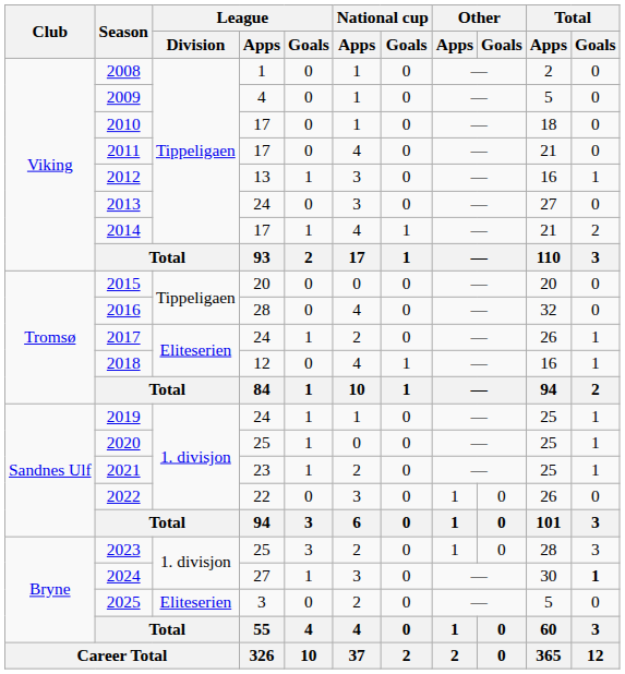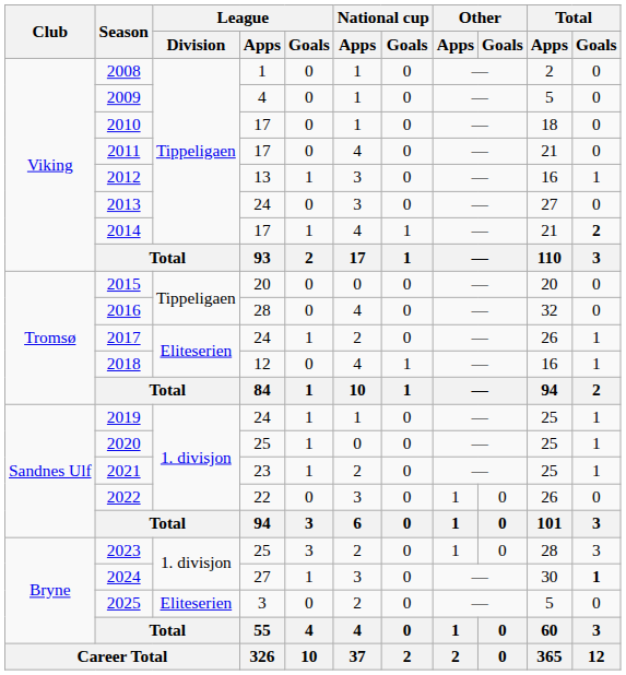 <table class="wikitable" style="text-align: center;">
 <tr>
 <th rowspan="2">Club</th>
 <th rowspan="2">Season</th>
 <th colspan="3">League</th>
 <th colspan="2">National cup</th>
 <th colspan="2">Other</th>
 <th colspan="2">Total</th>
 </tr>
 <tr>
 <th>Division</th>
 <th>Apps</th>
 <th>Goals</th>
 <th>Apps</th>
 <th>Goals</th>
 <th>Apps</th>
 <th>Goals</th>
 <th>Apps</th>
 <th>Goals</th>
 </tr>
 <tr>
 <td rowspan="8"><a href='#'>Viking</a></td>
 <td><a href='#'>2008</a></td>
 <td rowspan="7"><a href='#'>Tippeligaen</a></td>
 <td>1</td>
 <td>0</td>
 <td>1</td>
 <td>0</td>
 <td colspan="2">—</td>
 <td>2</td>
 <td>0</td>
 </tr>
 <tr>
 <td><a href='#'>2009</a></td>
 <td>4</td>
 <td>0</td>
 <td>1</td>
 <td>0</td>
 <td colspan="2">—</td>
 <td>5</td>
 <td>0</td>
 </tr>
 <tr>
 <td><a href='#'>2010</a></td>
 <td>17</td>
 <td>0</td>
 <td>1</td>
 <td>0</td>
 <td colspan="2">—</td>
 <td>18</td>
 <td>0</td>
 </tr>
 <tr>
 <td><a href='#'>2011</a></td>
 <td>17</td>
 <td>0</td>
 <td>4</td>
 <td>0</td>
 <td colspan="2">—</td>
 <td>21</td>
 <td>0</td>
 </tr>
 <tr>
 <td><a href='#'>2012</a></td>
 <td>13</td>
 <td>1</td>
 <td>3</td>
 <td>0</td>
 <td colspan="2">—</td>
 <td>16</td>
 <td>1</td>
 </tr>
 <tr>
 <td><a href='#'>2013</a></td>
 <td>24</td>
 <td>0</td>
 <td>3</td>
 <td>0</td>
 <td colspan="2">—</td>
 <td>27</td>
 <td>0</td>
 </tr>
 <tr>
 <td><a href='#'>2014</a></td>
 <td>17</td>
 <td>1</td>
 <td>4</td>
 <td>1</td>
 <td colspan="2">—</td>
 <td>21</td>
-<td>2</td>
+<td><strong>2</strong></td>
 </tr>
 <tr>
 <th colspan="2">Total</th>
 <th>93</th>
 <th>2</th>
 <th>17</th>
 <th>1</th>
 <th colspan="2">—</th>
 <th>110</th>
 <th>3</th>
 </tr>
 <tr>
 <td rowspan="5"><a href='#'>Tromsø</a></td>
 <td><a href='#'>2015</a></td>
 <td rowspan="2">Tippeligaen</td>
 <td>20</td>
 <td>0</td>
 <td>0</td>
 <td>0</td>
 <td colspan="2">—</td>
 <td>20</td>
 <td>0</td>
 </tr>
 <tr>
 <td><a href='#'>2016</a></td>
 <td>28</td>
 <td>0</td>
 <td>4</td>
 <td>0</td>
 <td colspan="2">—</td>
 <td>32</td>
 <td>0</td>
 </tr>
 <tr>
 <td><a href='#'>2017</a></td>
 <td rowspan="2"><a href='#'>Eliteserien</a></td>
 <td>24</td>
 <td>1</td>
 <td>2</td>
 <td>0</td>
 <td colspan="2">—</td>
 <td>26</td>
 <td>1</td>
 </tr>
 <tr>
 <td><a href='#'>2018</a></td>
 <td>12</td>
 <td>0</td>
 <td>4</td>
 <td>1</td>
 <td colspan="2">—</td>
 <td>16</td>
 <td>1</td>
 </tr>
 <tr>
 <th colspan="2">Total</th>
 <th>84</th>
 <th>1</th>
 <th>10</th>
 <th>1</th>
 <th colspan="2">—</th>
 <th>94</th>
 <th>2</th>
 </tr>
 <tr>
 <td rowspan="5"><a href='#'>Sandnes Ulf</a></td>
 <td><a href='#'>2019</a></td>
 <td rowspan="4"><a href='#'>1. divisjon</a></td>
 <td>24</td>
 <td>1</td>
 <td>1</td>
 <td>0</td>
 <td colspan="2">—</td>
 <td>25</td>
 <td>1</td>
 </tr>
 <tr>
 <td><a href='#'>2020</a></td>
 <td>25</td>
 <td>1</td>
 <td>0</td>
 <td>0</td>
 <td colspan="2">—</td>
 <td>25</td>
 <td>1</td>
 </tr>
 <tr>
 <td><a href='#'>2021</a></td>
 <td>23</td>
 <td>1</td>
 <td>2</td>
 <td>0</td>
 <td colspan="2">—</td>
 <td>25</td>
 <td>1</td>
 </tr>
 <tr>
 <td><a href='#'>2022</a></td>
 <td>22</td>
 <td>0</td>
 <td>3</td>
 <td>0</td>
 <td>1</td>
 <td>0</td>
 <td>26</td>
 <td>0</td>
 </tr>
 <tr>
 <th colspan="2">Total</th>
 <th>94</th>
 <th>3</th>
 <th>6</th>
 <th>0</th>
 <th>1</th>
 <th>0</th>
 <th>101</th>
 <th>3</th>
 </tr>
 <tr>
 <td rowspan="4"><a href='#'>Bryne</a></td>
 <td><a href='#'>2023</a></td>
 <td rowspan="2">1. divisjon</td>
 <td>25</td>
 <td>3</td>
 <td>2</td>
 <td>0</td>
 <td>1</td>
 <td>0</td>
 <td>28</td>
 <td>3</td>
 </tr>
 <tr>
 <td><a href='#'>2024</a></td>
 <td>27</td>
 <td>1</td>
 <td>3</td>
 <td>0</td>
 <td colspan="2">—</td>
 <td>30</td>
 <td><strong>1</strong></td>
 </tr>
 <tr>
 <td><a href='#'>2025</a></td>
 <td rowspan="1"><a href='#'>Eliteserien</a></td>
 <td>3</td>
 <td>0</td>
 <td>2</td>
 <td>0</td>
 <td colspan="2">—</td>
 <td>5</td>
 <td>0</td>
 </tr>
 <tr>
 <th colspan="2">Total</th>
 <th>55</th>
 <th>4</th>
 <th>4</th>
 <th>0</th>
 <th>1</th>
 <th>0</th>
 <th>60</th>
 <th>3</th>
 </tr>
 <tr>
 <th colspan="3">Career Total</th>
 <th>326</th>
 <th>10</th>
 <th>37</th>
 <th>2</th>
 <th>2</th>
 <th>0</th>
 <th>365</th>
 <th>12</th>
 </tr>
 </table>
